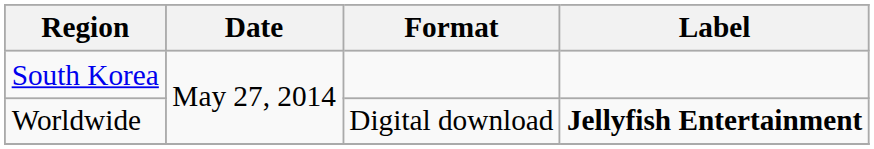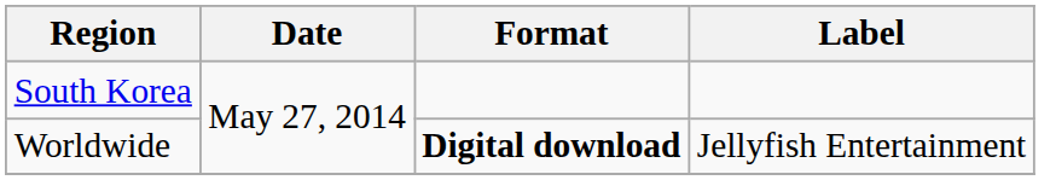 <table class = "wikitable">
 <tr>
 <th>Region</th>
 <th>Date</th>
 <th>Format</th>
 <th>Label</th>
 </tr>
 <tr>
 <td><a href='#'>South Korea</a></td>
 <td rowspan=2>May 27, 2014</td>
 <td></td>
 <td></td>
 </tr>
 <tr>
 <td>Worldwide</td>
-<td>Digital download</td>
-<td><strong>Jellyfish Entertainment</strong></td>
+<td><strong>Digital download</strong></td>
+<td>Jellyfish Entertainment</td>
 </tr>
 <tr>
 </tr>
 </table>
